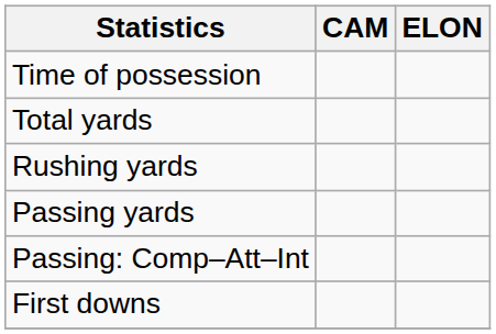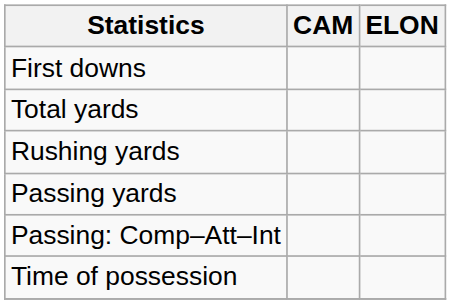 <table class="wikitable" style="float: left;">
 <tr>
 <th>Statistics</th>
 <th>CAM</th>
 <th>ELON</th>
 </tr>
 <tr>
-<td>Time of possession</td>
+<td>First downs</td>
 <td></td>
 <td></td>
 </tr>
 <tr>
 <td>Total yards</td>
 <td></td>
 <td></td>
 </tr>
 <tr>
 <td>Rushing yards</td>
 <td></td>
 <td></td>
 </tr>
 <tr>
 <td>Passing yards</td>
 <td></td>
 <td></td>
 </tr>
 <tr>
 <td>Passing: Comp–Att–Int</td>
 <td></td>
 <td></td>
 </tr>
 <tr>
-<td>First downs</td>
+<td>Time of possession</td>
 <td></td>
 <td></td>
 </tr>
 <tr>
 </tr>
 </table>
